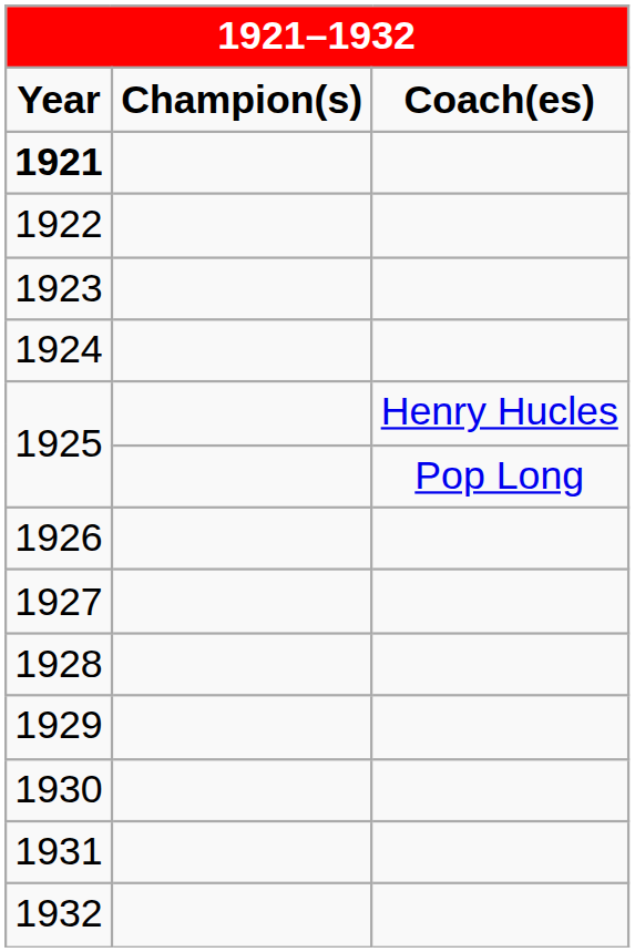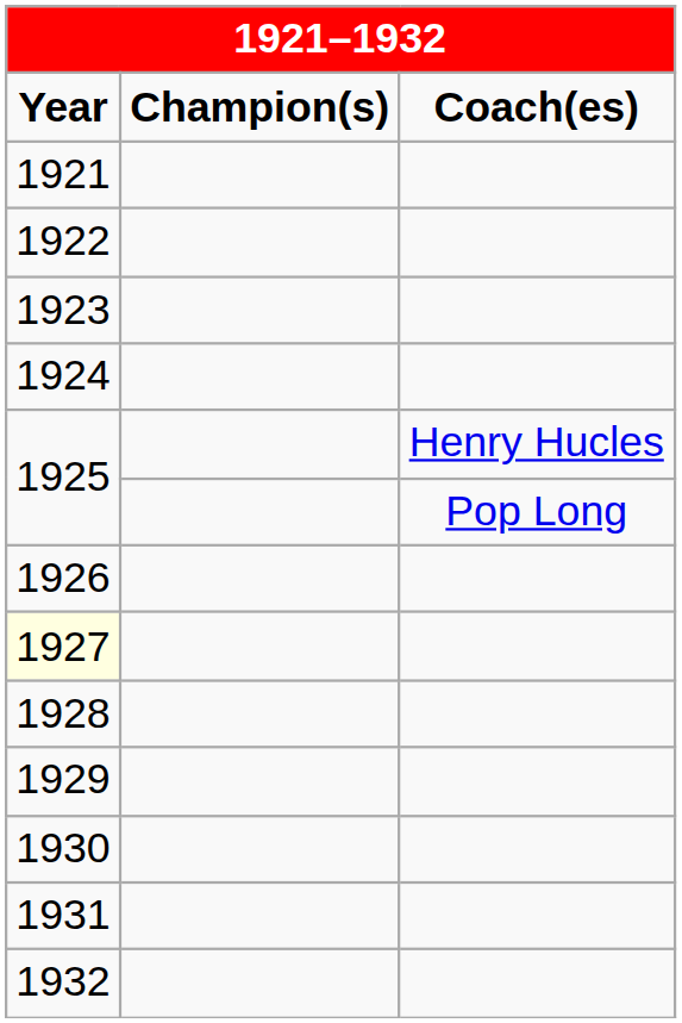 <table class="wikitable sortable collapsible collapsed" style="text-align:center">
 <tr>
 <th colspan=3 style="background:#FF0000; color:#FFFFFF">1921–1932</th>
 </tr>
 <tr>
 <td><strong>Year</strong></td>
 <td><strong>Champion(s)</strong></td>
 <td><strong>Coach(es)</strong></td>
 </tr>
 <tr>
-<td><strong>1921</strong></td>
+<td>1921</td>
 <td></td>
 <td></td>
 </tr>
 <tr>
 <td>1922</td>
 <td></td>
 <td></td>
 </tr>
 <tr>
 <td>1923</td>
 <td></td>
 <td></td>
 </tr>
 <tr>
 <td>1924</td>
 <td></td>
 <td></td>
 </tr>
 <tr>
 <td rowspan="2">1925</td>
 <td></td>
 <td><a href='#'>Henry Hucles</a></td>
 </tr>
 <tr>
 <td></td>
 <td><a href='#'>Pop Long</a></td>
 </tr>
 <tr>
 <td>1926</td>
 <td></td>
 <td></td>
 </tr>
 <tr>
-<td>1927</td>
+<td style="background: lightyellow;">1927</td>
 <td></td>
 <td></td>
 </tr>
 <tr>
 <td>1928</td>
 <td></td>
 <td></td>
 </tr>
 <tr>
 <td>1929</td>
 <td></td>
 <td></td>
 </tr>
 <tr>
 <td>1930</td>
 <td></td>
 <td></td>
 </tr>
 <tr>
 <td>1931</td>
 <td></td>
 <td></td>
 </tr>
 <tr>
 <td>1932</td>
 <td></td>
 <td></td>
 </tr>
 </table>
